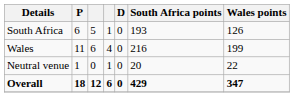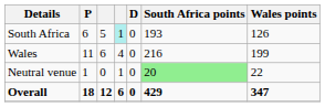 <table class="wikitable center">
 <tr>
 <th align=center>Details</th>
 <th align=center>P</th>
 <th align=center></th>
 <th align=center></th>
 <th align=center>D</th>
 <th align=center>South Africa points</th>
 <th align=center>Wales points</th>
 </tr>
 <tr>
 <td align=left> South Africa</td>
 <td>6</td>
 <td>5</td>
-<td>1</td>
+<td style="background: paleturquoise;">1</td>
 <td>0</td>
 <td>193</td>
 <td>126</td>
 </tr>
 <tr>
 <td align=left> Wales</td>
 <td>11</td>
 <td>6</td>
 <td>4</td>
 <td>0</td>
 <td>216</td>
 <td>199</td>
 </tr>
 <tr>
 <td>Neutral venue</td>
 <td>1</td>
 <td>0</td>
 <td>1</td>
 <td>0</td>
-<td>20</td>
+<td style="background: lightgreen;">20</td>
 <td>22</td>
 </tr>
 <tr>
 <td><strong>Overall</strong></td>
 <td><strong>18</strong></td>
 <td><strong>12</strong></td>
 <td><strong>6</strong></td>
 <td><strong>0</strong></td>
 <td><strong>429</strong></td>
 <td><strong>347</strong></td>
 </tr>
 <tr>
 </tr>
 </table>
